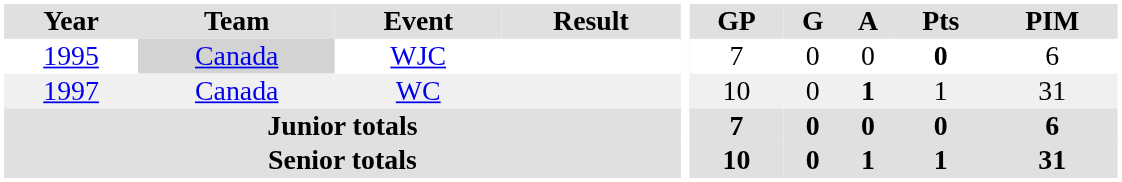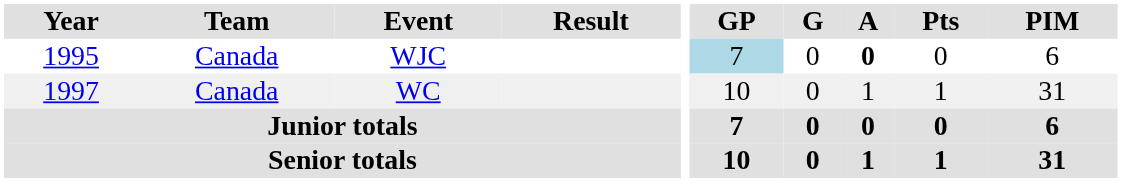 <table border="0" cellpadding="1" cellspacing="0" ID="Table3" style="text-align:center; width:40em">
 <tr ALIGN="center" bgcolor="#e0e0e0">
 <th>Year</th>
 <th>Team</th>
 <th>Event</th>
 <th>Result</th>
 <th rowspan="99" bgcolor="#ffffff"></th>
 <th>GP</th>
 <th>G</th>
 <th>A</th>
 <th>Pts</th>
 <th>PIM</th>
 </tr>
 <tr>
 <td><a href='#'>1995</a></td>
-<td style="background: lightgrey;"><a href='#'>Canada</a></td>
+<td><a href='#'>Canada</a></td>
 <td><a href='#'>WJC</a></td>
 <td></td>
-<td>7</td>
-<td>0</td>
+<td style="background: lightblue;">7</td>
 <td>0</td>
 <td><strong>0</strong></td>
+<td>0</td>
 <td>6</td>
 </tr>
 <tr bgcolor="#f0f0f0">
 <td><a href='#'>1997</a></td>
 <td><a href='#'>Canada</a></td>
 <td><a href='#'>WC</a></td>
 <td></td>
 <td>10</td>
 <td>0</td>
-<td><strong>1</strong></td>
+<td>1</td>
 <td>1</td>
 <td>31</td>
 </tr>
 <tr bgcolor="#e0e0e0">
 <th colspan="4">Junior totals</th>
 <th>7</th>
 <th>0</th>
 <th>0</th>
 <th>0</th>
 <th>6</th>
 </tr>
 <tr bgcolor="#e0e0e0">
 <th colspan="4">Senior totals</th>
 <th>10</th>
 <th>0</th>
 <th>1</th>
 <th>1</th>
 <th>31</th>
 </tr>
 </table>
